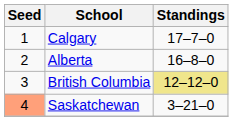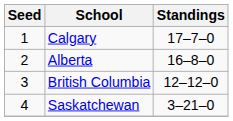 <table class="wikitable">
 <tr>
 <th>Seed</th>
 <th>School</th>
 <th>Standings</th>
 </tr>
 <tr>
 <td align=center>1</td>
 <td><a href='#'>Calgary</a></td>
 <td align=center>17–7–0</td>
 </tr>
 <tr>
 <td align=center>2</td>
 <td><a href='#'>Alberta</a></td>
 <td align=center>16–8–0</td>
 </tr>
 <tr>
 <td align=center>3</td>
 <td><a href='#'>British Columbia</a></td>
-<td align=center style="background: khaki;">12–12–0</td>
+<td align=center>12–12–0</td>
 </tr>
 <tr>
-<td align=center style="background: lightsalmon;">4</td>
+<td align=center>4</td>
 <td><a href='#'>Saskatchewan</a></td>
 <td align=center>3–21–0</td>
 </tr>
 <tr>
 </tr>
 </table>
